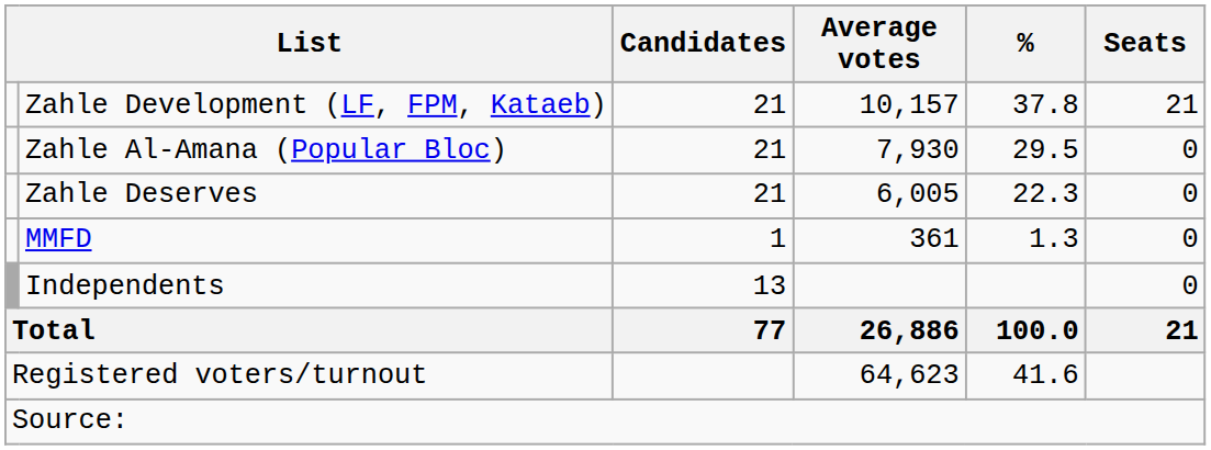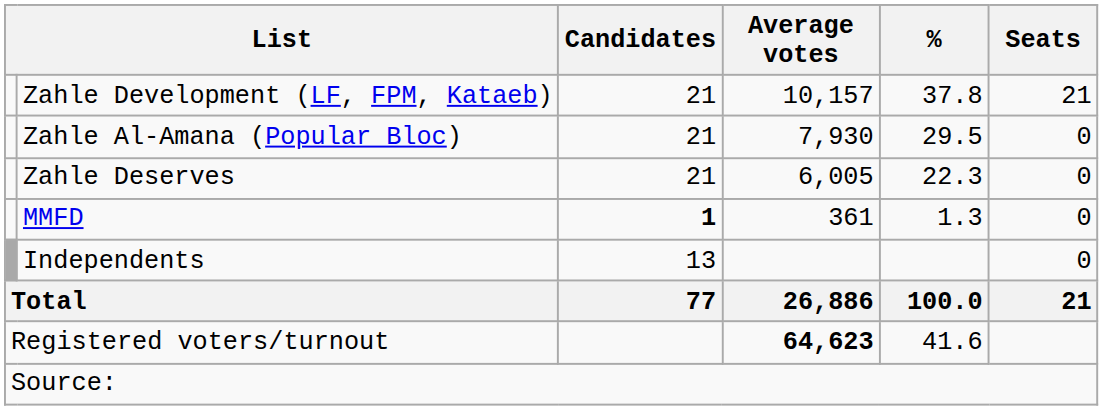 <table class="wikitable sortable" style="text-align:right">
 <tr>
 <th colspan="2" scope="col">List</th>
 <th>Candidates</th>
 <th scope="col">Average votes</th>
 <th scope="col">%</th>
 <th scope="col">Seats</th>
 </tr>
 <tr>
 <td rowspan="1" style="background-color:"></td>
 <td style="text-align:left;">Zahle Development (<a href='#'>LF</a>, <a href='#'>FPM</a>, <a href='#'>Kataeb</a>)</td>
 <td>21</td>
 <td>10,157</td>
 <td>37.8</td>
 <td>21</td>
 </tr>
 <tr>
 <td rowspan="1" style="background-color:"></td>
 <td style="text-align:left;">Zahle Al-Amana (<a href='#'>Popular Bloc</a>)</td>
 <td>21</td>
 <td>7,930</td>
 <td>29.5</td>
 <td>0</td>
 </tr>
 <tr>
 <td rowspan="1" style="background-color:"></td>
 <td style="text-align:left;">Zahle Deserves</td>
 <td>21</td>
 <td>6,005</td>
 <td>22.3</td>
 <td>0</td>
 </tr>
 <tr>
 <td rowspan="1" style="background-color:"></td>
 <td style="text-align:left;"><a href='#'>MMFD</a></td>
-<td>1</td>
+<td><strong>1</strong></td>
 <td>361</td>
 <td>1.3</td>
 <td>0</td>
 </tr>
 <tr>
 <td rowspan="1" style="background-color:darkgrey"></td>
 <td style="text-align:left;">Independents</td>
 <td>13</td>
 <td></td>
 <td></td>
 <td>0</td>
 </tr>
 <tr>
 <th colspan="2" style="text-align:left;width:200px">Total</th>
 <th style="text-align:right;width:50px">77</th>
 <th style="text-align:right;width:75px">26,886</th>
 <th style="text-align:right;width:50px">100.0</th>
 <th style="text-align:right;width:50px">21</th>
 </tr>
 <tr>
 <td colspan="2" style="text-align:left;width:200px">Registered voters/turnout</td>
 <td></td>
-<td style="text-align:right;width:75px">64,623</td>
+<td style="text-align:right;width:75px"><strong>64,623</strong></td>
 <td style="text-align:right;width:50px">41.6</td>
 <td style="text-align:right;width:50px"></td>
 </tr>
 <tr>
 <td colspan="6" style="text-align:left;">Source: </td>
 </tr>
 </table>
